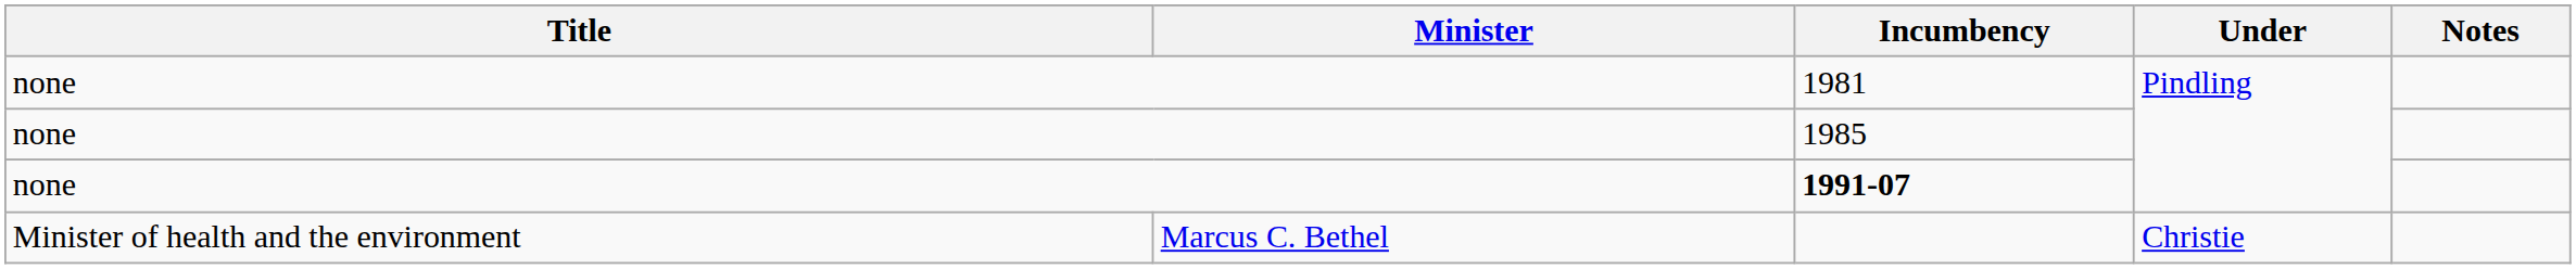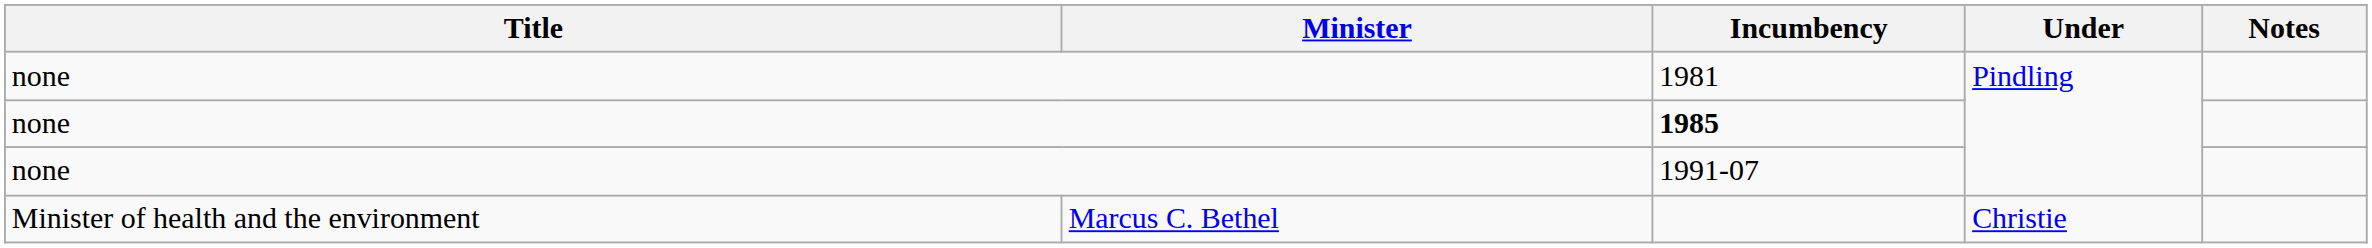 <table class="wikitable" style="width:100%;">
 <tr>
 <th>Title</th>
 <th style="width:25%;"><a href='#'>Minister</a></th>
 <th style="width:160px;">Incumbency</th>
 <th style="width:10%;">Under</th>
 <th style="width:7%;">Notes</th>
 </tr>
 <tr>
 <td colspan="2" style="vertical-align:top;">none</td>
 <td>1981</td>
 <td rowspan="3" style="vertical-align:top;"><a href='#'>Pindling</a></td>
 <td></td>
 </tr>
 <tr>
 <td colspan="2" style="vertical-align:top;">none</td>
-<td>1985</td>
+<td><strong>1985</strong></td>
 <td></td>
 </tr>
 <tr>
 <td colspan="2" style="vertical-align:top;">none</td>
-<td><strong>1991-07</strong></td>
+<td>1991-07</td>
 <td></td>
 </tr>
 <tr>
 <td>Minister of health and the environment</td>
 <td><a href='#'>Marcus C. Bethel</a></td>
 <td></td>
 <td><a href='#'>Christie</a> </td>
 <td></td>
 </tr>
 </table>
